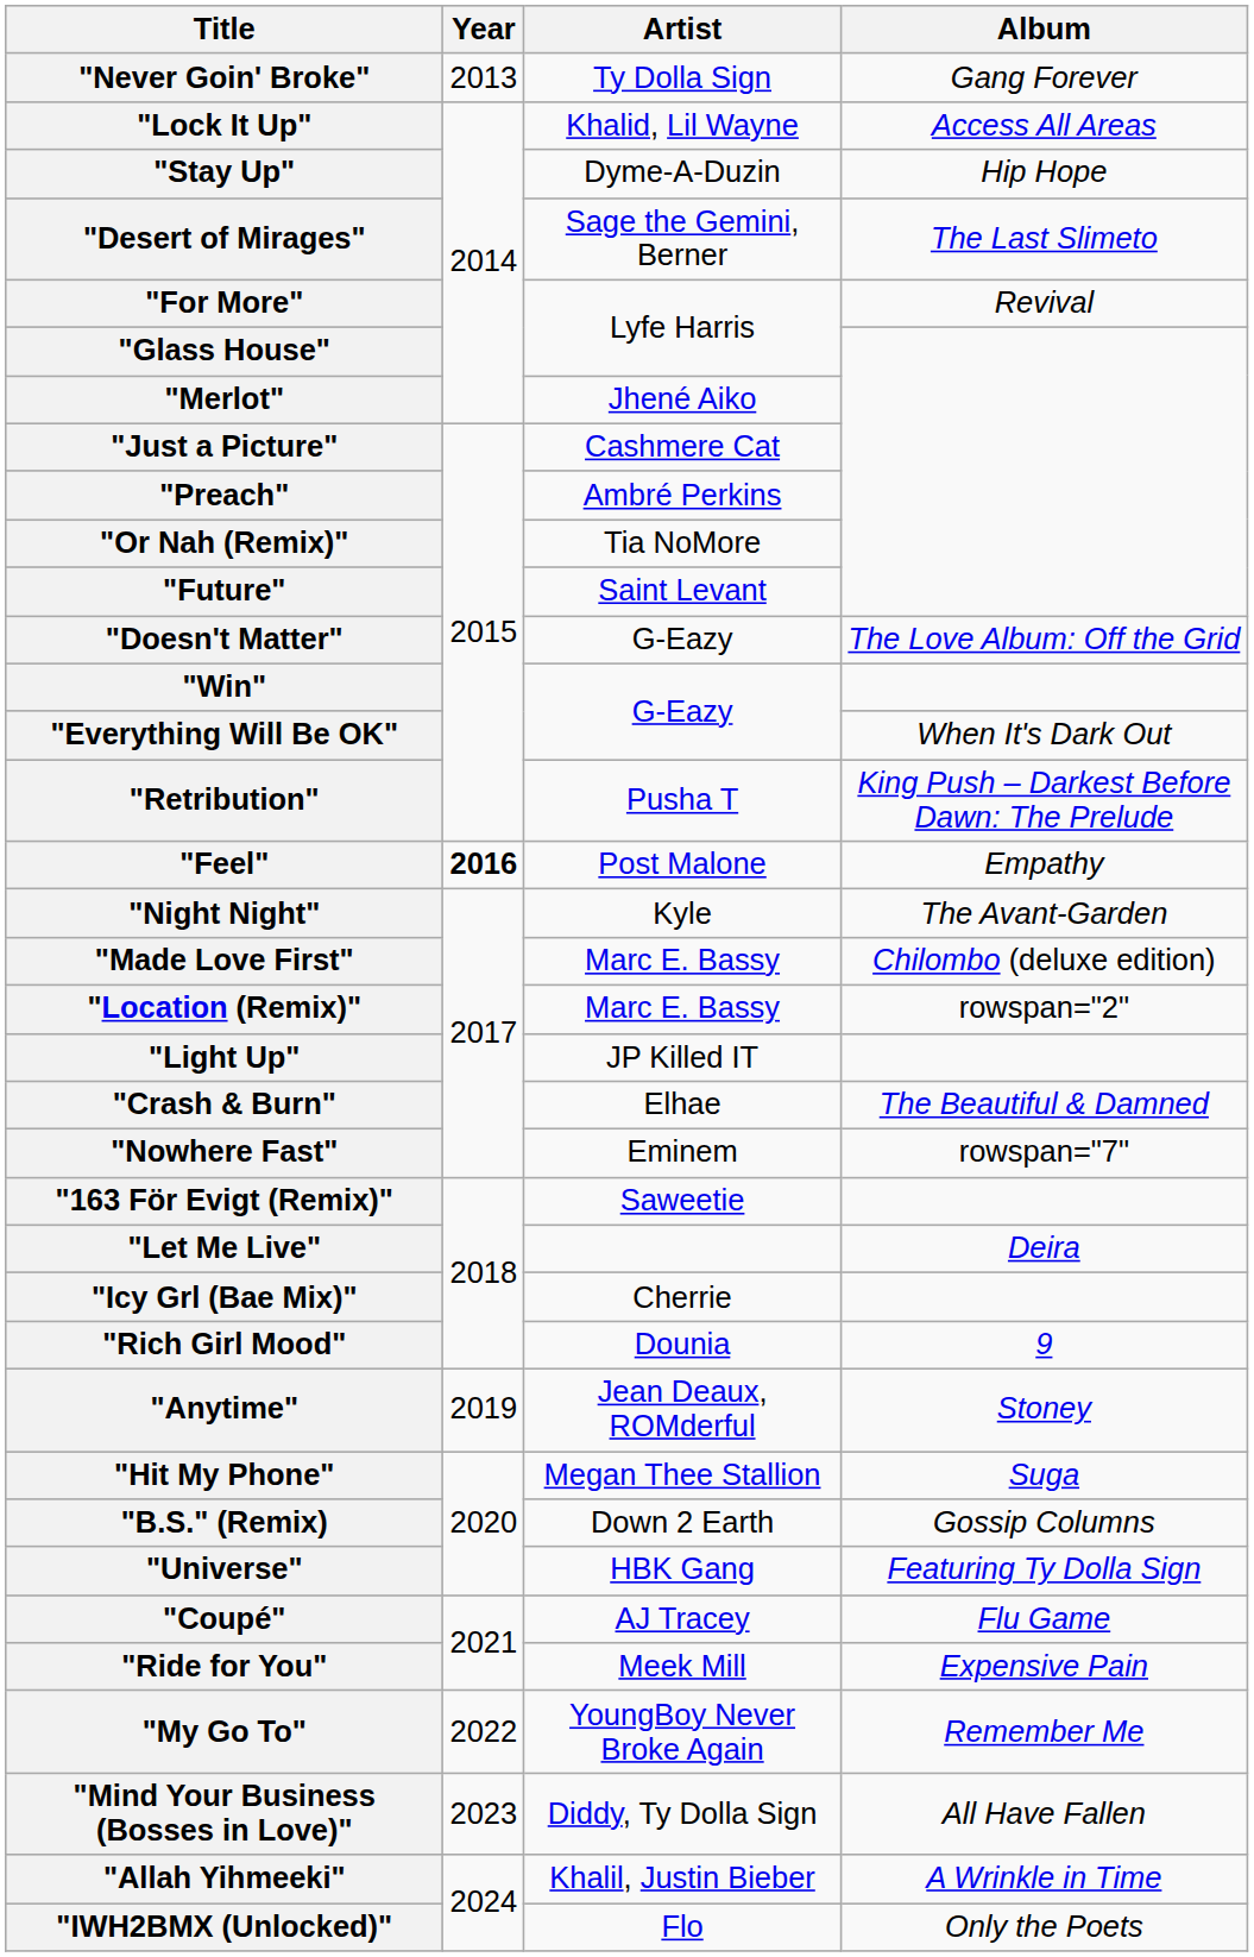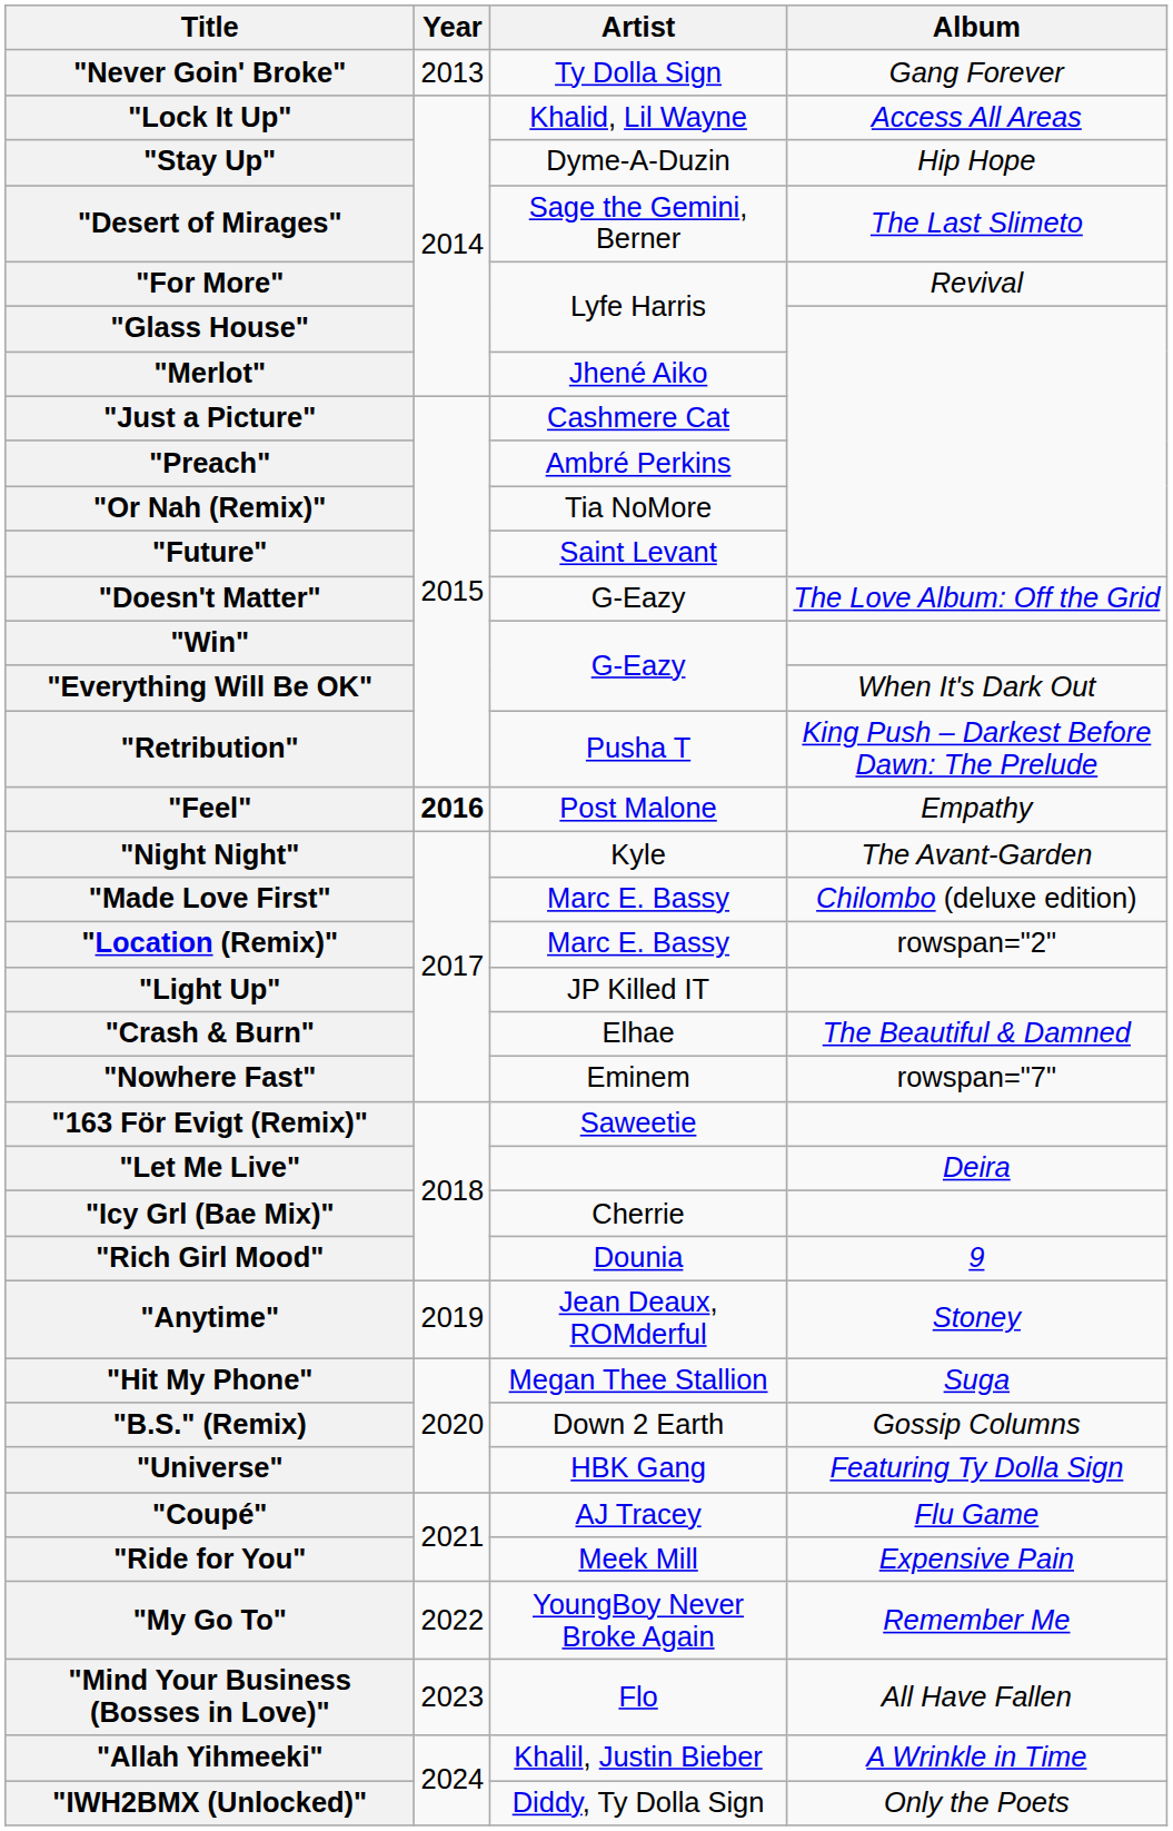 <table class="wikitable mw-collapsible plainrowheaders" style="text-align:center;">
 <tr>
 <th scope="col" style="width:14em;">Title</th>
 <th scope="col" style="width:1em;">Year</th>
 <th scope="col" style="width:10em;">Artist</th>
 <th scope="col" style="width:13em;">Album</th>
 </tr>
 <tr>
 <th scope="row">"Never Goin' Broke"</th>
 <td>2013</td>
 <td><a href='#'>Ty Dolla Sign</a></td>
 <td><em>Gang Forever</em></td>
 </tr>
 <tr>
 <th scope="row">"Lock It Up"</th>
 <td rowspan="6">2014</td>
 <td><a href='#'>Khalid</a>, <a href='#'>Lil Wayne</a></td>
 <td><em><a href='#'>Access All Areas</a></em></td>
 </tr>
 <tr>
 <th scope="row">"Stay Up"</th>
 <td>Dyme-A-Duzin</td>
 <td><em>Hip Hope</em></td>
 </tr>
 <tr>
 <th scope="row">"Desert of Mirages"</th>
 <td><a href='#'>Sage the Gemini</a>, Berner</td>
 <td><em><a href='#'>The Last Slimeto</a></em></td>
 </tr>
 <tr>
 <th scope="row">"For More"</th>
 <td rowspan="2">Lyfe Harris</td>
 <td><em>Revival</em></td>
 </tr>
 <tr>
 <th scope="row">"Glass House"</th>
 </tr>
 <tr>
 <th scope="row">"Merlot"</th>
 <td><a href='#'>Jhené Aiko</a></td>
 </tr>
 <tr>
 <th scope="row">"Just a Picture"</th>
 <td rowspan="8">2015</td>
 <td><a href='#'>Cashmere Cat</a></td>
 </tr>
 <tr>
 <th scope="row">"Preach"</th>
 <td><a href='#'>Ambré Perkins</a></td>
 </tr>
 <tr>
 <th scope="row">"Or Nah (Remix)"</th>
 <td>Tia NoMore</td>
 </tr>
 <tr>
 <th scope="row">"Future"</th>
 <td><a href='#'>Saint Levant</a></td>
 </tr>
 <tr>
 <th scope="row">"Doesn't Matter"</th>
 <td>G-Eazy</td>
 <td><em><a href='#'>The Love Album: Off the Grid</a></em></td>
 </tr>
 <tr>
 <th scope="row">"Win"</th>
 <td rowspan="2"><a href='#'>G-Eazy</a></td>
 <td></td>
 </tr>
 <tr>
 <th scope="row">"Everything Will Be OK"</th>
 <td><em>When It's Dark Out</em></td>
 </tr>
 <tr>
 <th scope="row">"Retribution"</th>
 <td><a href='#'>Pusha T</a></td>
 <td><em><a href='#'>King Push – Darkest Before Dawn: The Prelude</a></em></td>
 </tr>
 <tr>
 <th scope= "row">"Feel"</th>
 <td><strong>2016</strong></td>
 <td><a href='#'>Post Malone</a></td>
 <td><em>Empathy</em></td>
 </tr>
 <tr>
 <th scope= "row">"Night Night"</th>
 <td rowspan="6">2017</td>
 <td>Kyle</td>
 <td><em>The Avant-Garden</em></td>
 </tr>
 <tr>
 <th scope= "row">"Made Love First"</th>
 <td><a href='#'>Marc E. Bassy</a></td>
 <td><em><a href='#'>Chilombo</a></em> (deluxe edition)</td>
 </tr>
 <tr>
 <th scope= "row">"<a href='#'>Location</a> (Remix)"</th>
 <td><a href='#'>Marc E. Bassy</a></td>
 <td>rowspan="2" </td>
 </tr>
 <tr>
 <th scope= "row">"Light Up"</th>
 <td>JP Killed IT</td>
 </tr>
 <tr>
 <th scope= "row">"Crash & Burn"</th>
 <td>Elhae</td>
 <td><em><a href='#'>The Beautiful & Damned</a></em></td>
 </tr>
 <tr>
 <th scope= "row">"Nowhere Fast"</th>
 <td>Eminem</td>
 <td>rowspan="7" </td>
 </tr>
 <tr>
 <th scope="row">"163 För Evigt (Remix)"</th>
 <td rowspan="4">2018</td>
 <td><a href='#'>Saweetie</a></td>
 <td></td>
 </tr>
 <tr>
 <th scope="row">"Let Me Live"</th>
 <td></td>
 <td><em><a href='#'>Deira</a></em></td>
 </tr>
 <tr>
 <th scope="row">"Icy Grl (Bae Mix)"</th>
 <td>Cherrie</td>
 <td></td>
 </tr>
 <tr>
 <th scope="row">"Rich Girl Mood"</th>
 <td><a href='#'>Dounia</a></td>
 <td><em><a href='#'>9</a></em></td>
 </tr>
 <tr>
 <th scope="row">"Anytime"</th>
 <td>2019</td>
 <td><a href='#'>Jean Deaux</a>, <a href='#'>ROMderful</a></td>
 <td><em><a href='#'>Stoney</a></em></td>
 </tr>
 <tr>
 <th scope="row">"Hit My Phone"</th>
 <td rowspan="3">2020</td>
 <td><a href='#'>Megan Thee Stallion</a></td>
 <td><em><a href='#'>Suga</a></em></td>
 </tr>
 <tr>
 <th scope="row">"B.S." (Remix)</th>
 <td>Down 2 Earth</td>
 <td><em>Gossip Columns</em></td>
 </tr>
 <tr>
 <th scope="row">"Universe"</th>
 <td><a href='#'>HBK Gang</a></td>
 <td><em><a href='#'>Featuring Ty Dolla Sign</a></em></td>
 </tr>
 <tr>
 <th scope="row">"Coupé"</th>
 <td rowspan="2">2021</td>
 <td><a href='#'>AJ Tracey</a></td>
 <td><em><a href='#'>Flu Game</a></em></td>
 </tr>
 <tr>
 <th scope="row">"Ride for You"</th>
 <td><a href='#'>Meek Mill</a></td>
 <td><em><a href='#'>Expensive Pain</a></em></td>
 </tr>
 <tr>
 <th scope="row">"My Go To"</th>
 <td>2022</td>
 <td><a href='#'>YoungBoy Never Broke Again</a></td>
 <td><em><a href='#'>Remember Me</a></em></td>
 </tr>
 <tr>
 <th scope="row">"Mind Your Business (Bosses in Love)"</th>
 <td>2023</td>
-<td><a href='#'>Diddy</a>, Ty Dolla Sign</td>
+<td><a href='#'>Flo</a></td>
 <td><em>All Have Fallen</em></td>
 </tr>
 <tr>
 <th scope="row">"Allah Yihmeeki"</th>
 <td rowspan="2">2024</td>
 <td><a href='#'>Khalil</a>, <a href='#'>Justin Bieber</a></td>
 <td><em><a href='#'>A Wrinkle in Time</a></em></td>
 </tr>
 <tr>
 <th scope="row">"IWH2BMX (Unlocked)"</th>
-<td><a href='#'>Flo</a></td>
+<td><a href='#'>Diddy</a>, Ty Dolla Sign</td>
 <td><em>Only the Poets</em></td>
 </tr>
 </table>
